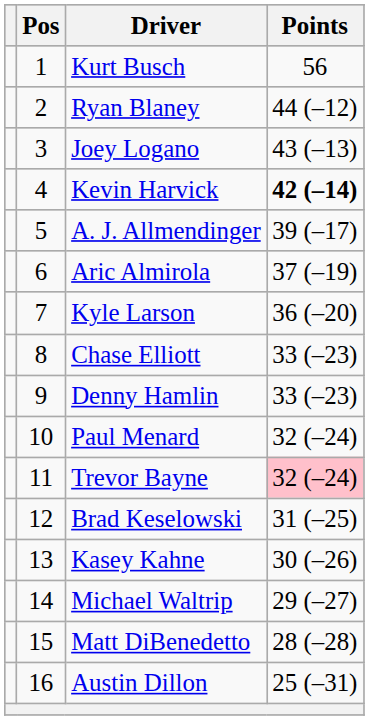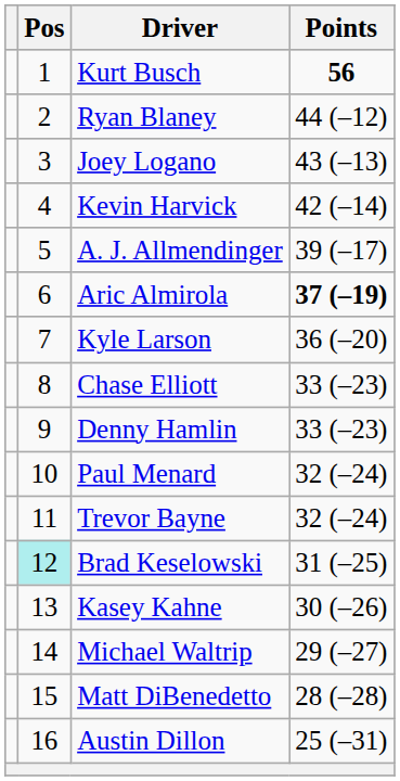 <table class="wikitable" style="font-size: 95%">
 <tr>
 <th></th>
 <th>Pos</th>
 <th>Driver</th>
 <th>Points</th>
 </tr>
 <tr>
 <td align="left"></td>
 <td style="text-align:center;">1</td>
 <td><a href='#'>Kurt Busch</a></td>
-<td style="text-align:center;">56</td>
+<td style="text-align:center;"><strong>56</strong></td>
 </tr>
 <tr>
 <td align="left"></td>
 <td style="text-align:center;">2</td>
 <td><a href='#'>Ryan Blaney</a></td>
 <td style="text-align:center;">44 (–12)</td>
 </tr>
 <tr>
 <td align="left"></td>
 <td style="text-align:center;">3</td>
 <td><a href='#'>Joey Logano</a></td>
 <td style="text-align:center;">43 (–13)</td>
 </tr>
 <tr>
 <td align="left"></td>
 <td style="text-align:center;">4</td>
 <td><a href='#'>Kevin Harvick</a></td>
-<td style="text-align:center;"><strong>42 (–14)</strong></td>
+<td style="text-align:center;">42 (–14)</td>
 </tr>
 <tr>
 <td align="left"></td>
 <td style="text-align:center;">5</td>
 <td><a href='#'>A. J. Allmendinger</a></td>
 <td style="text-align:center;">39 (–17)</td>
 </tr>
 <tr>
 <td align="left"></td>
 <td style="text-align:center;">6</td>
 <td><a href='#'>Aric Almirola</a></td>
-<td style="text-align:center;">37 (–19)</td>
+<td style="text-align:center;"><strong>37 (–19)</strong></td>
 </tr>
 <tr>
 <td align="left"></td>
 <td style="text-align:center;">7</td>
 <td><a href='#'>Kyle Larson</a></td>
 <td style="text-align:center;">36 (–20)</td>
 </tr>
 <tr>
 <td align="left"></td>
 <td style="text-align:center;">8</td>
 <td><a href='#'>Chase Elliott</a></td>
 <td style="text-align:center;">33 (–23)</td>
 </tr>
 <tr>
 <td align="left"></td>
 <td style="text-align:center;">9</td>
 <td><a href='#'>Denny Hamlin</a></td>
 <td style="text-align:center;">33 (–23)</td>
 </tr>
 <tr>
 <td align="left"></td>
 <td style="text-align:center;">10</td>
 <td><a href='#'>Paul Menard</a></td>
 <td style="text-align:center;">32 (–24)</td>
 </tr>
 <tr>
 <td align="left"></td>
 <td style="text-align:center;">11</td>
 <td><a href='#'>Trevor Bayne</a></td>
-<td style="background: pink; text-align:center;">32 (–24)</td>
+<td style="text-align:center;">32 (–24)</td>
 </tr>
 <tr>
 <td align="left"></td>
-<td style="text-align:center;">12</td>
+<td style="background: paleturquoise; text-align:center;">12</td>
 <td><a href='#'>Brad Keselowski</a></td>
 <td style="text-align:center;">31 (–25)</td>
 </tr>
 <tr>
 <td align="left"></td>
 <td style="text-align:center;">13</td>
 <td><a href='#'>Kasey Kahne</a></td>
 <td style="text-align:center;">30 (–26)</td>
 </tr>
 <tr>
 <td align="left"></td>
 <td style="text-align:center;">14</td>
 <td><a href='#'>Michael Waltrip</a></td>
 <td style="text-align:center;">29 (–27)</td>
 </tr>
 <tr>
 <td align="left"></td>
 <td style="text-align:center;">15</td>
 <td><a href='#'>Matt DiBenedetto</a></td>
 <td style="text-align:center;">28 (–28)</td>
 </tr>
 <tr>
 <td align="left"></td>
 <td style="text-align:center;">16</td>
 <td><a href='#'>Austin Dillon</a></td>
 <td style="text-align:center;">25 (–31)</td>
 </tr>
 <tr class="sortbottom">
 <th colspan="9"></th>
 </tr>
 </table>
